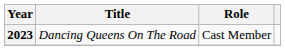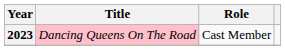 <table class="wikitable sortable plainrowheaders">
 <tr>
 <th scope="col">Year</th>
 <th scope="col">Title</th>
 <th scope="col">Role</th>
 <th scope="col" class="unsortable"></th>
 </tr>
 <tr>
 <th scope="row">2023</th>
-<td><em>Dancing Queens On The Road</em></td>
+<td style="background: pink;"><em>Dancing Queens On The Road</em></td>
 <td>Cast Member</td>
 <td style="text-align:center"></td>
 </tr>
 <tr>
 </tr>
 </table>
